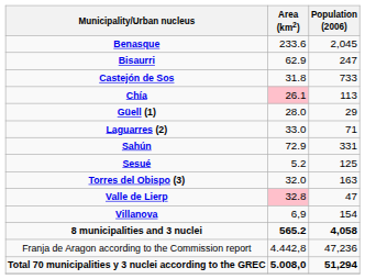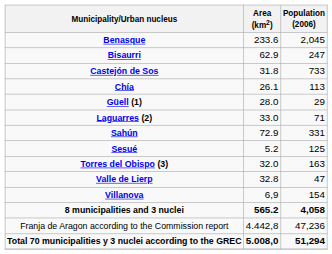 <table class="wikitable" align="right" style="text-align:center; border:5">
 <tr>
 <th><small>Municipality/Urban nucleus</small></th>
 <th><small>Area<br>(km<sup>2</sup>)</small></th>
 <th><small>Population<br>(2006)</small></th>
 </tr>
 <tr>
 <td style="font-size: 90%;"><strong><a href='#'>Benasque</a></strong></td>
 <td align="right">233.6</td>
 <td align="right">2,045</td>
 </tr>
 <tr>
 <td style="font-size: 90%;"><strong><a href='#'>Bisaurri</a></strong></td>
 <td align="right">62.9</td>
 <td align="right">247</td>
 </tr>
 <tr>
 <td style="font-size: 90%;"><strong><a href='#'>Castejón de Sos</a></strong></td>
 <td align="right">31.8</td>
 <td align="right">733</td>
 </tr>
 <tr>
 <td style="font-size: 90%;"><strong><a href='#'>Chía</a></strong></td>
-<td align="right" style="background: pink;">26.1</td>
+<td align="right">26.1</td>
 <td align="right">113</td>
 </tr>
 <tr>
 <td style="font-size: 90%;"><strong><a href='#'>Güell</a> (1)</strong></td>
 <td align="right">28.0</td>
 <td align="right">29</td>
 </tr>
 <tr>
 <td style="font-size: 90%;"><strong><a href='#'>Laguarres</a> (2)</strong></td>
 <td align="right">33.0</td>
 <td align="right">71</td>
 </tr>
 <tr>
 <td style="font-size: 90%;"><strong><a href='#'>Sahún</a></strong></td>
 <td align="right">72.9</td>
 <td align="right">331</td>
 </tr>
 <tr>
 <td style="font-size: 90%;"><strong><a href='#'>Sesué</a></strong></td>
 <td align="right">5.2</td>
 <td align="right">125</td>
 </tr>
 <tr>
 <td style="font-size: 90%;"><strong><a href='#'>Torres del Obispo</a> (3)</strong></td>
 <td align="right">32.0</td>
 <td align="right">163</td>
 </tr>
 <tr>
 <td style="font-size: 90%;"><strong><a href='#'>Valle de Lierp</a></strong></td>
-<td align="right" style="background: pink;">32.8</td>
+<td align="right">32.8</td>
 <td align="right">47</td>
 </tr>
 <tr>
 <td style="font-size: 90%;"><strong><a href='#'>Villanova</a></strong></td>
 <td align="right">6,9</td>
 <td align="right">154</td>
 </tr>
 <tr>
 <td style="font-size: 90%;"><strong>8 municipalities and 3 nuclei</strong></td>
 <td align="right"><strong>565.2</strong></td>
 <td align="right"><strong>4,058</strong></td>
 </tr>
 <tr>
 <td style="font-size: 90%;">Franja de Aragon according to the Commission report</td>
 <td align="right">4.442,8</td>
 <td align="right">47,236</td>
 </tr>
 <tr>
 <td style="font-size: 90%;"><strong>Total 70 municipalities y 3 nuclei according to the GREC</strong></td>
 <td align="right"><strong>5.008,0</strong></td>
 <td align="right"><strong>51,294</strong></td>
 </tr>
 <tr>
 </tr>
 </table>
